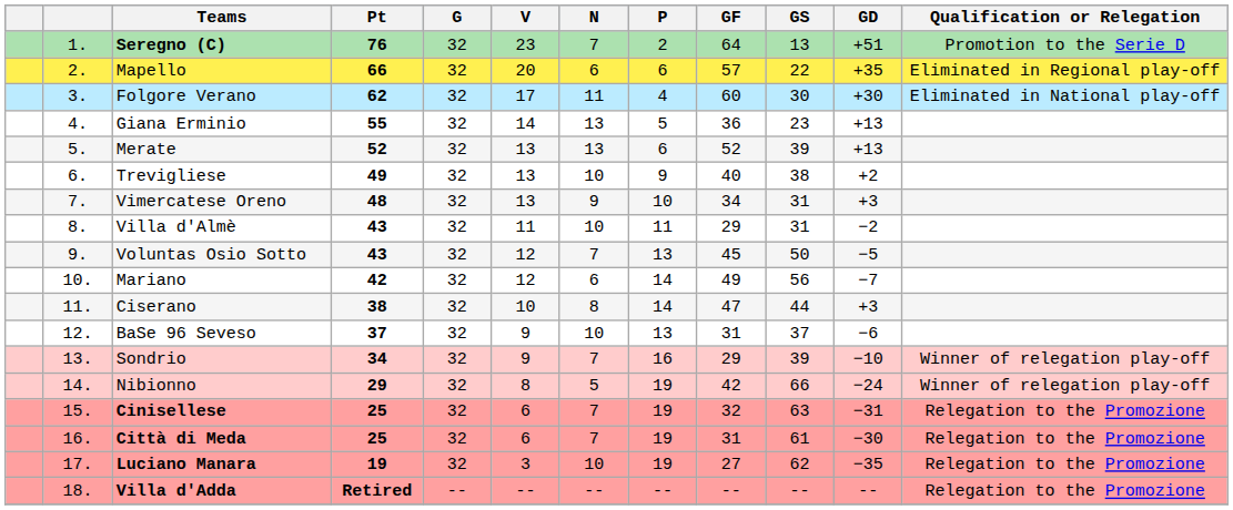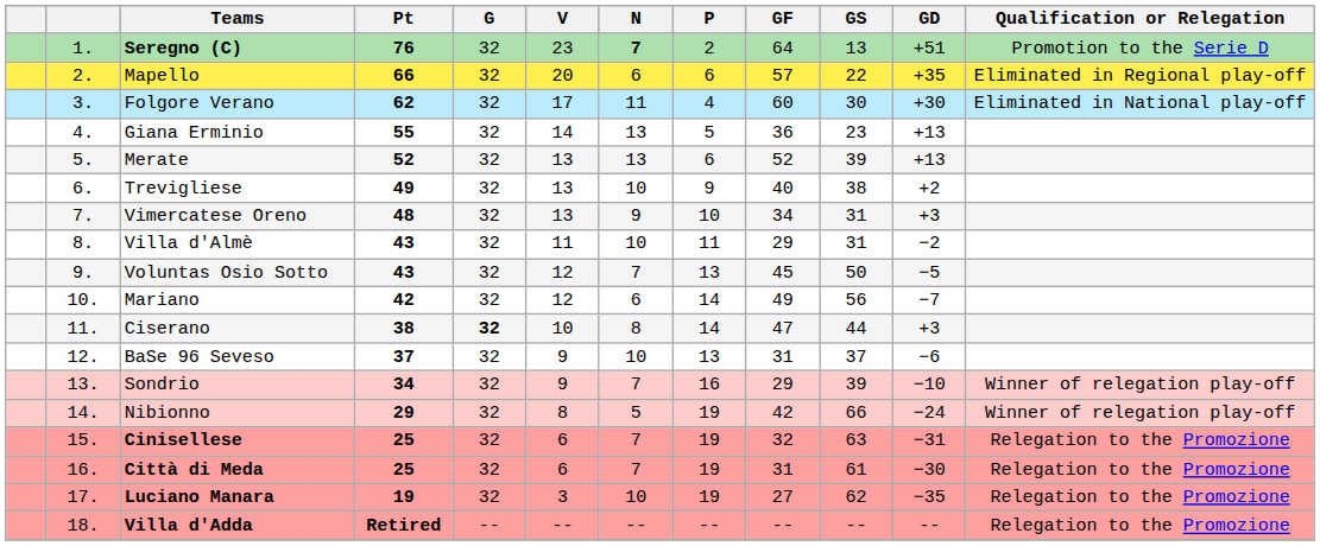 <table class="wikitable sortable" align="center" style="font-size: 85%; border-collapse:collapse" border="0" cellspacing="0" cellpadding="2">
 <tr align=center bgcolor=#98A1B2>
 <th width=20></th>
 <th width=40></th>
 <th width=140><span>Teams</span></th>
 <th width=55><span>Pt</span></th>
 <th width=40><span>G</span></th>
 <th width=40><span>V</span></th>
 <th width=40><span>N</span></th>
 <th width=40><span>P</span></th>
 <th width=40><span>GF</span></th>
 <th width=40><span>GS</span></th>
 <th width=40><span>GD</span></th>
 <th width=210><span>Qualification or Relegation</span></th>
 </tr>
 <tr align=center style="background:#ACE1AF;">
 <td></td>
 <td>1.</td>
 <td style="text-align:left;"><strong>Seregno</strong> <strong>(C)</strong></td>
 <td><strong>76</strong></td>
 <td>32</td>
 <td>23</td>
-<td>7</td>
+<td><strong>7</strong></td>
 <td>2</td>
 <td>64</td>
 <td>13</td>
 <td>+51</td>
 <td>Promotion to the <a href='#'>Serie D</a></td>
 </tr>
 <tr align=center style="background:#FFF050;">
 <td></td>
 <td>2.</td>
 <td style="text-align:left;">Mapello</td>
 <td><strong>66</strong></td>
 <td>32</td>
 <td>20</td>
 <td>6</td>
 <td>6</td>
 <td>57</td>
 <td>22</td>
 <td>+35</td>
 <td>Eliminated in Regional play-off</td>
 </tr>
 <tr align=center style="background:#BBEBFF;">
 <td></td>
 <td>3.</td>
 <td style="text-align:left;">Folgore Verano</td>
 <td><strong>62</strong></td>
 <td>32</td>
 <td>17</td>
 <td>11</td>
 <td>4</td>
 <td>60</td>
 <td>30</td>
 <td>+30</td>
 <td>Eliminated in National play-off</td>
 </tr>
 <tr align=center style="background:#FFFFFF;">
 <td></td>
 <td>4.</td>
 <td style="text-align:left;">Giana Erminio</td>
 <td><strong>55</strong></td>
 <td>32</td>
 <td>14</td>
 <td>13</td>
 <td>5</td>
 <td>36</td>
 <td>23</td>
 <td>+13</td>
 <td></td>
 </tr>
 <tr align=center style="background:#F5F5F5;">
 <td></td>
 <td>5.</td>
 <td style="text-align:left;">Merate</td>
 <td><strong>52</strong></td>
 <td>32</td>
 <td>13</td>
 <td>13</td>
 <td>6</td>
 <td>52</td>
 <td>39</td>
 <td>+13</td>
 <td></td>
 </tr>
 <tr align=center style="background:#FFFFFF;">
 <td></td>
 <td>6.</td>
 <td style="text-align:left;">Trevigliese</td>
 <td><strong>49</strong></td>
 <td>32</td>
 <td>13</td>
 <td>10</td>
 <td>9</td>
 <td>40</td>
 <td>38</td>
 <td>+2</td>
 <td></td>
 </tr>
 <tr align=center style="background:#F5F5F5;">
 <td></td>
 <td>7.</td>
 <td style="text-align:left;">Vimercatese Oreno</td>
 <td><strong>48</strong></td>
 <td>32</td>
 <td>13</td>
 <td>9</td>
 <td>10</td>
 <td>34</td>
 <td>31</td>
 <td>+3</td>
 <td></td>
 </tr>
 <tr align=center style="background:#FFFFFF;">
 <td></td>
 <td>8.</td>
 <td style="text-align:left;">Villa d'Almè</td>
 <td><strong>43</strong></td>
 <td>32</td>
 <td>11</td>
 <td>10</td>
 <td>11</td>
 <td>29</td>
 <td>31</td>
 <td>−2</td>
 <td></td>
 </tr>
 <tr align=center style="background:#F5F5F5;">
 <td></td>
 <td>9.</td>
 <td style="text-align:left;">Voluntas Osio Sotto</td>
 <td><strong>43</strong></td>
 <td>32</td>
 <td>12</td>
 <td>7</td>
 <td>13</td>
 <td>45</td>
 <td>50</td>
 <td>−5</td>
 <td></td>
 </tr>
 <tr align=center style="background:#FFFFFF;">
 <td></td>
 <td>10.</td>
 <td style="text-align:left;">Mariano</td>
 <td><strong>42</strong></td>
 <td>32</td>
 <td>12</td>
 <td>6</td>
 <td>14</td>
 <td>49</td>
 <td>56</td>
 <td>−7</td>
 <td></td>
 </tr>
 <tr align=center style="background:#F5F5F5;">
 <td></td>
 <td>11.</td>
 <td style="text-align:left;">Ciserano</td>
 <td><strong>38</strong></td>
-<td>32</td>
+<td><strong>32</strong></td>
 <td>10</td>
 <td>8</td>
 <td>14</td>
 <td>47</td>
 <td>44</td>
 <td>+3</td>
 <td></td>
 </tr>
 <tr align=center style="background:#FFFFFF;">
 <td></td>
 <td>12.</td>
 <td style="text-align:left;">BaSe 96 Seveso</td>
 <td><strong>37</strong></td>
 <td>32</td>
 <td>9</td>
 <td>10</td>
 <td>13</td>
 <td>31</td>
 <td>37</td>
 <td>−6</td>
 <td></td>
 </tr>
 <tr align=center style="background:#FFCCCC;">
 <td></td>
 <td>13.</td>
 <td style="text-align:left;">Sondrio</td>
 <td><strong>34</strong></td>
 <td>32</td>
 <td>9</td>
 <td>7</td>
 <td>16</td>
 <td>29</td>
 <td>39</td>
 <td>−10</td>
 <td>Winner of relegation play-off</td>
 </tr>
 <tr align=center style="background:#FFCCCC;">
 <td></td>
 <td>14.</td>
 <td style="text-align:left;">Nibionno</td>
 <td><strong>29</strong></td>
 <td>32</td>
 <td>8</td>
 <td>5</td>
 <td>19</td>
 <td>42</td>
 <td>66</td>
 <td>−24</td>
 <td>Winner of relegation play-off</td>
 </tr>
 <tr align=center style="background:#FFA0A0;">
 <td></td>
 <td>15.</td>
 <td style="text-align:left;"><strong>Cinisellese</strong></td>
 <td><strong>25</strong></td>
 <td>32</td>
 <td>6</td>
 <td>7</td>
 <td>19</td>
 <td>32</td>
 <td>63</td>
 <td>−31</td>
 <td>Relegation to the <a href='#'>Promozione</a></td>
 </tr>
 <tr align=center style="background:#FFA0A0;;">
 <td></td>
 <td>16.</td>
 <td style="text-align:left;"><strong>Città di Meda</strong></td>
 <td><strong>25</strong></td>
 <td>32</td>
 <td>6</td>
 <td>7</td>
 <td>19</td>
 <td>31</td>
 <td>61</td>
 <td>−30</td>
 <td>Relegation to the <a href='#'>Promozione</a></td>
 </tr>
 <tr align=center style="background:#FFA0A0;">
 <td></td>
 <td>17.</td>
 <td style="text-align:left;"><strong>Luciano Manara</strong></td>
 <td><strong>19</strong></td>
 <td>32</td>
 <td>3</td>
 <td>10</td>
 <td>19</td>
 <td>27</td>
 <td>62</td>
 <td>−35</td>
 <td>Relegation to the <a href='#'>Promozione</a></td>
 </tr>
 <tr align=center style="background:#FFA0A0;">
 <td></td>
 <td>18.</td>
 <td style="text-align:left;"><strong>Villa d'Adda</strong></td>
 <td><strong>Retired</strong></td>
 <td>--</td>
 <td>--</td>
 <td>--</td>
 <td>--</td>
 <td>--</td>
 <td>--</td>
 <td>--</td>
 <td>Relegation to the <a href='#'>Promozione</a></td>
 </tr>
 <tr>
 </tr>
 </table>
